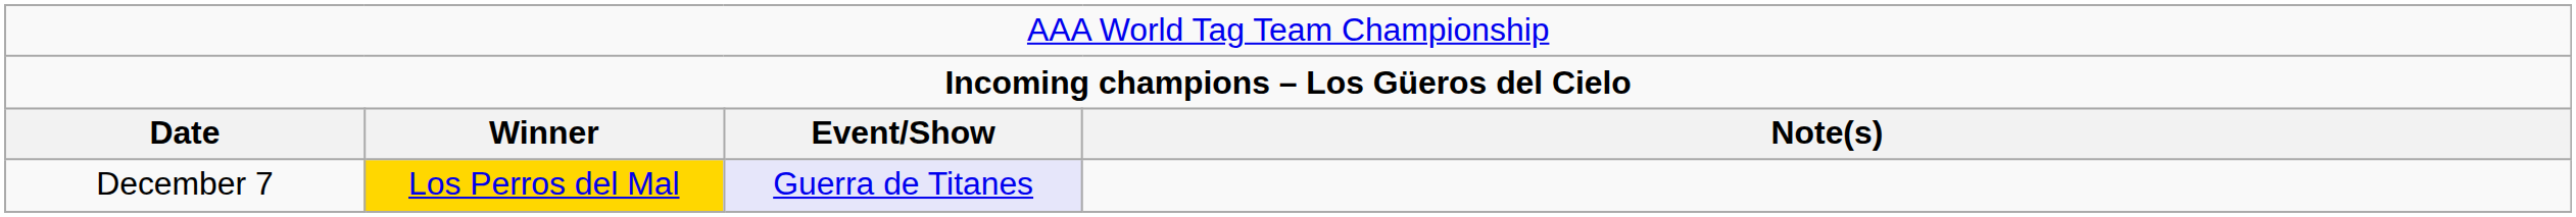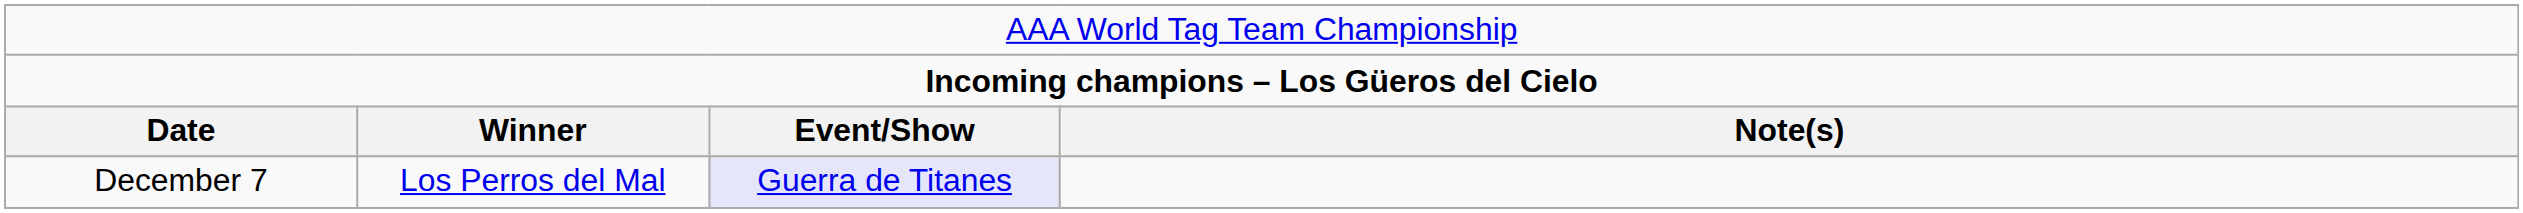 <table class="wikitable" style="text-align:center; width:100%;">
 <tr>
 <td colspan="5"><a href='#'>AAA World Tag Team Championship</a></td>
 </tr>
 <tr>
 <td colspan="5"><strong>Incoming champions – Los Güeros del Cielo </strong></td>
 </tr>
 <tr>
 <th width="14%">Date</th>
 <th width="14%">Winner</th>
 <th width="14%">Event/Show</th>
 <th width="58%">Note(s)</th>
 </tr>
 <tr>
 <td>December 7</td>
-<td style="background: gold;"><a href='#'>Los Perros del Mal</a><br></td>
+<td><a href='#'>Los Perros del Mal</a><br></td>
 <td style="background: lavender;"><a href='#'>Guerra de Titanes</a></td>
 <td align="left"></td>
 </tr>
 </table>
